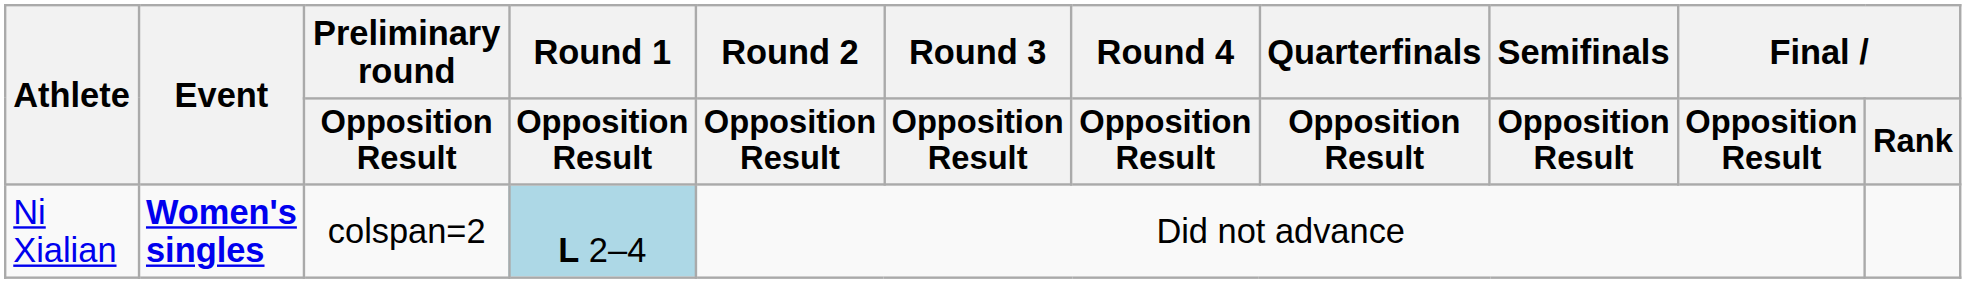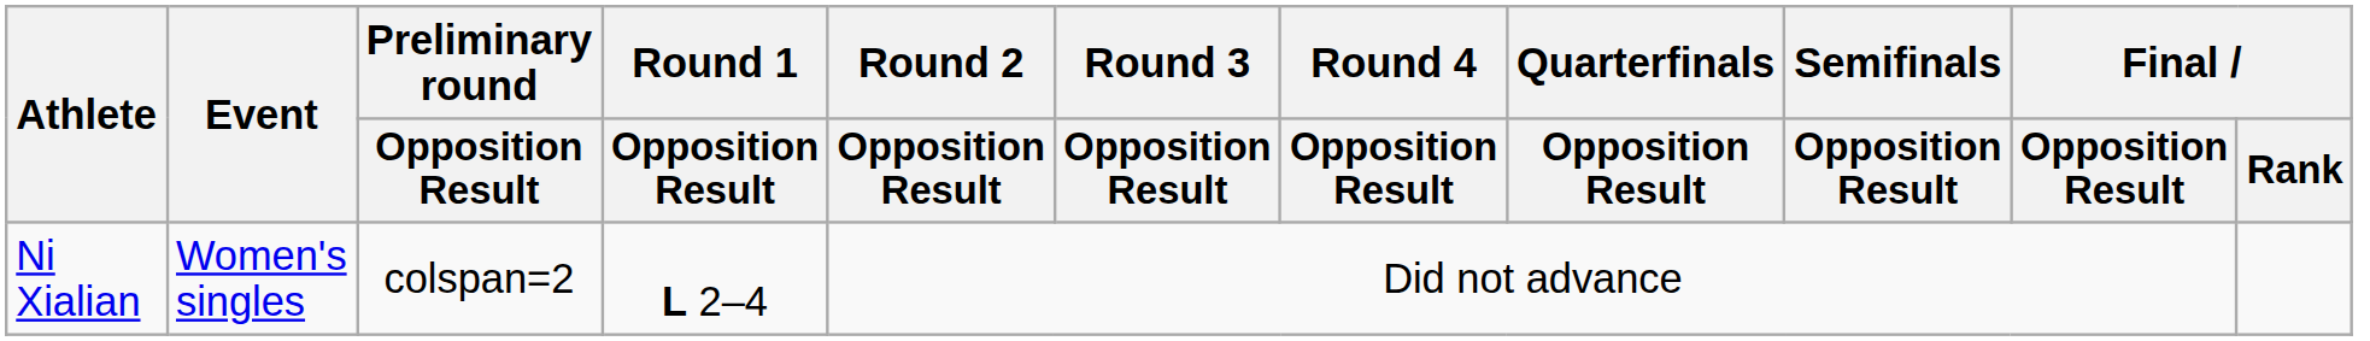 <table class="wikitable" style="font-size:90%">
 <tr>
 <th rowspan="2">Athlete</th>
 <th rowspan="2">Event</th>
 <th>Preliminary round</th>
 <th>Round 1</th>
 <th>Round 2</th>
 <th>Round 3</th>
 <th>Round 4</th>
 <th>Quarterfinals</th>
 <th>Semifinals</th>
 <th colspan=2>Final / </th>
 </tr>
 <tr style="font-size:95%">
 <th>Opposition<br>Result</th>
 <th>Opposition<br>Result</th>
 <th>Opposition<br>Result</th>
 <th>Opposition<br>Result</th>
 <th>Opposition<br>Result</th>
 <th>Opposition<br>Result</th>
 <th>Opposition<br>Result</th>
 <th>Opposition<br>Result</th>
 <th>Rank</th>
 </tr>
 <tr align=center>
 <td align=left><a href='#'>Ni Xialian</a></td>
-<td align=left><strong><a href='#'>Women's singles</a></strong></td>
+<td align=left><a href='#'>Women's singles</a></td>
 <td>colspan=2 </td>
-<td style="background: lightblue;"><br><strong>L</strong> 2–4</td>
+<td><br><strong>L</strong> 2–4</td>
 <td colspan=6>Did not advance</td>
 </tr>
 </table>
